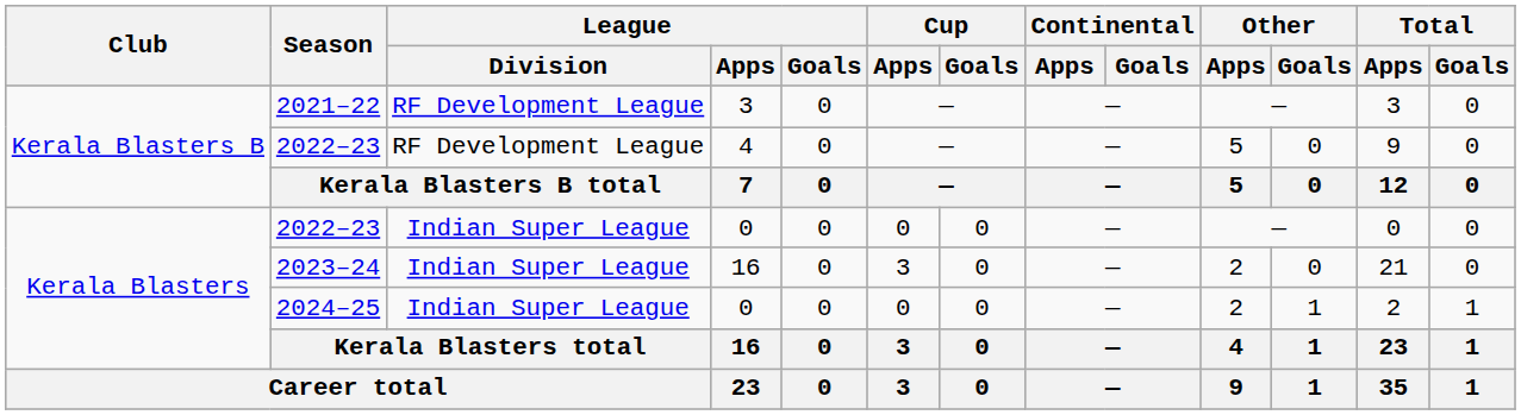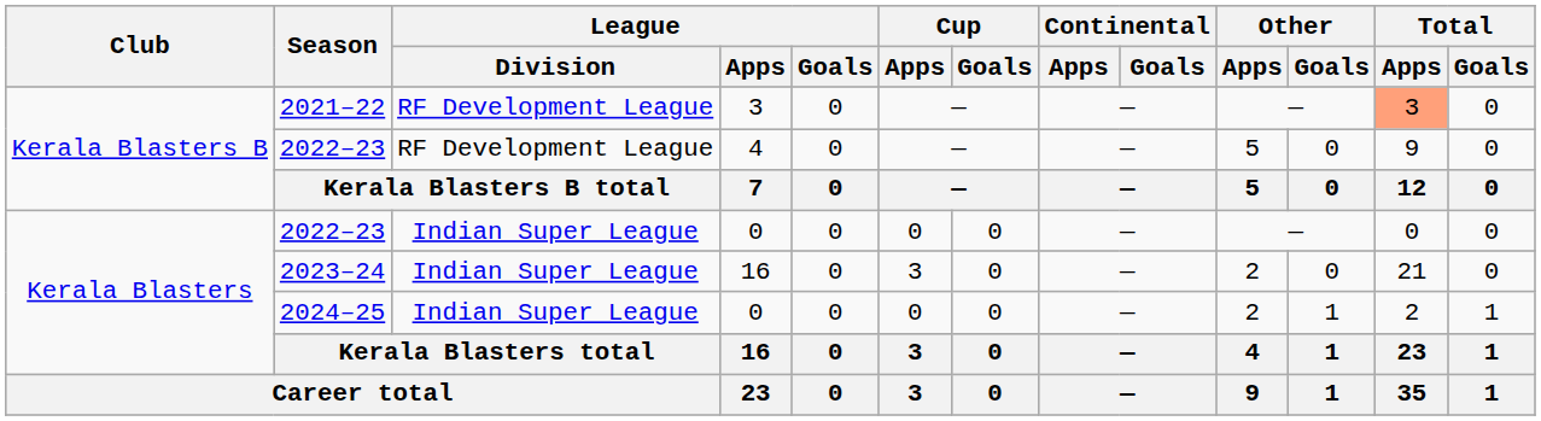 <table class="wikitable" style="text-align: center;">
 <tr>
 <th rowspan="2">Club</th>
 <th rowspan="2">Season</th>
 <th colspan="3">League</th>
 <th colspan="2">Cup</th>
 <th colspan="2">Continental</th>
 <th colspan="2">Other</th>
 <th colspan="2">Total</th>
 </tr>
 <tr>
 <th>Division</th>
 <th>Apps</th>
 <th>Goals</th>
 <th>Apps</th>
 <th>Goals</th>
 <th>Apps</th>
 <th>Goals</th>
 <th>Apps</th>
 <th>Goals</th>
 <th>Apps</th>
 <th>Goals</th>
 </tr>
 <tr>
 <td rowspan="3"><a href='#'>Kerala Blasters B</a></td>
 <td><a href='#'>2021–22</a></td>
 <td><a href='#'>RF Development League</a></td>
 <td>3</td>
 <td>0</td>
 <td colspan="2">—</td>
 <td colspan="2">—</td>
 <td colspan="2">—</td>
-<td>3</td>
+<td style="background: lightsalmon;">3</td>
 <td>0</td>
 </tr>
 <tr>
 <td><a href='#'>2022–23</a></td>
 <td>RF Development League</td>
 <td>4</td>
 <td>0</td>
 <td colspan="2">—</td>
 <td colspan="2">—</td>
 <td>5</td>
 <td>0</td>
 <td>9</td>
 <td>0</td>
 </tr>
 <tr>
 <th colspan="2">Kerala Blasters B total</th>
 <th>7</th>
 <th>0</th>
 <th colspan="2">—</th>
 <th colspan="2">—</th>
 <th>5</th>
 <th>0</th>
 <th>12</th>
 <th>0</th>
 </tr>
 <tr>
 <td rowspan="4"><a href='#'>Kerala Blasters</a></td>
 <td><a href='#'>2022–23</a></td>
 <td><a href='#'>Indian Super League</a></td>
 <td>0</td>
 <td>0</td>
 <td>0</td>
 <td>0</td>
 <td colspan="2">—</td>
 <td colspan="2">—</td>
 <td>0</td>
 <td>0</td>
 </tr>
 <tr>
 <td><a href='#'>2023–24</a></td>
 <td><a href='#'>Indian Super League</a></td>
 <td>16</td>
 <td>0</td>
 <td>3</td>
 <td>0</td>
 <td colspan="2">—</td>
 <td>2</td>
 <td>0</td>
 <td>21</td>
 <td>0</td>
 </tr>
 <tr>
 <td><a href='#'>2024–25</a></td>
 <td><a href='#'>Indian Super League</a></td>
 <td>0</td>
 <td>0</td>
 <td>0</td>
 <td>0</td>
 <td colspan="2">—</td>
 <td>2</td>
 <td>1</td>
 <td>2</td>
 <td>1</td>
 </tr>
 <tr>
 <th colspan="2">Kerala Blasters total</th>
 <th>16</th>
 <th>0</th>
 <th>3</th>
 <th>0</th>
 <th colspan="2"><strong>—</strong></th>
 <th>4</th>
 <th>1</th>
 <th>23</th>
 <th>1</th>
 </tr>
 <tr>
 <th colspan="3">Career total</th>
 <th>23</th>
 <th>0</th>
 <th>3</th>
 <th>0</th>
 <th colspan="2">—</th>
 <th>9</th>
 <th>1</th>
 <th>35</th>
 <th>1</th>
 </tr>
 </table>
